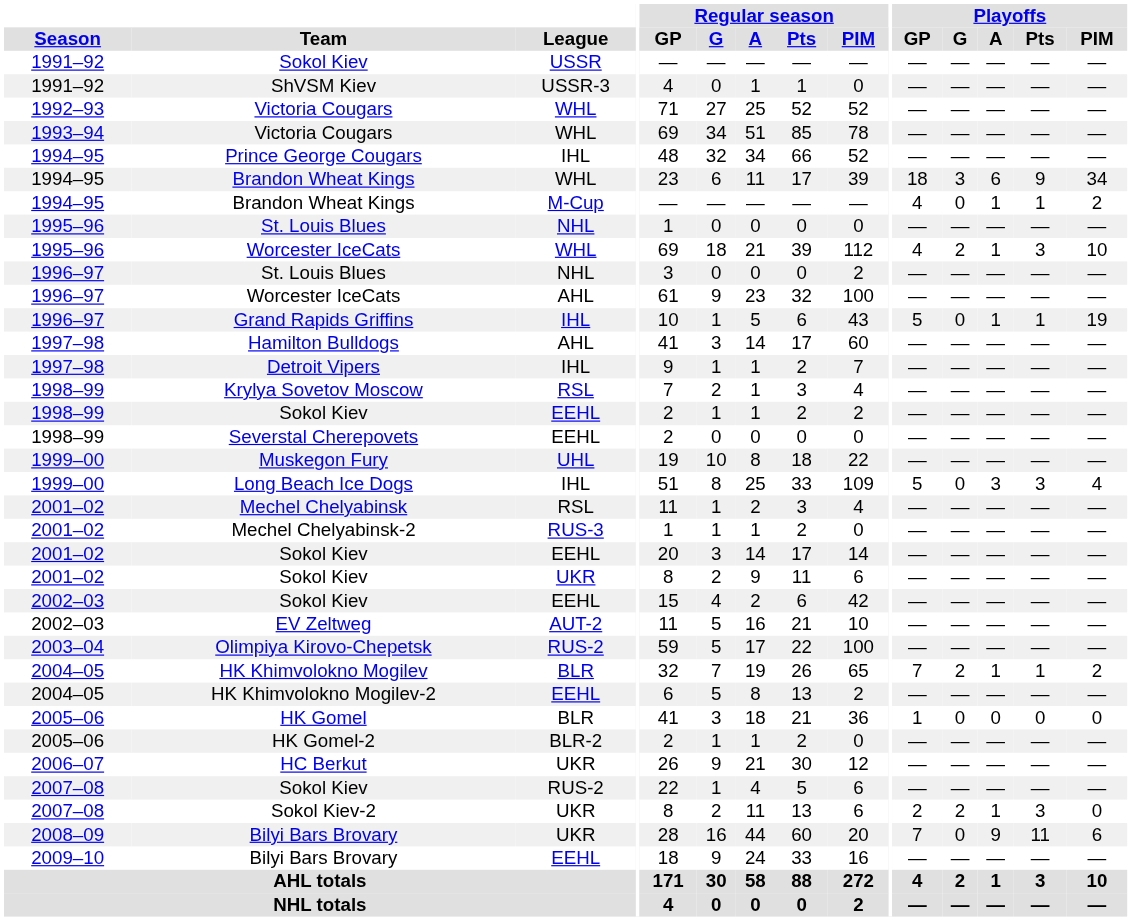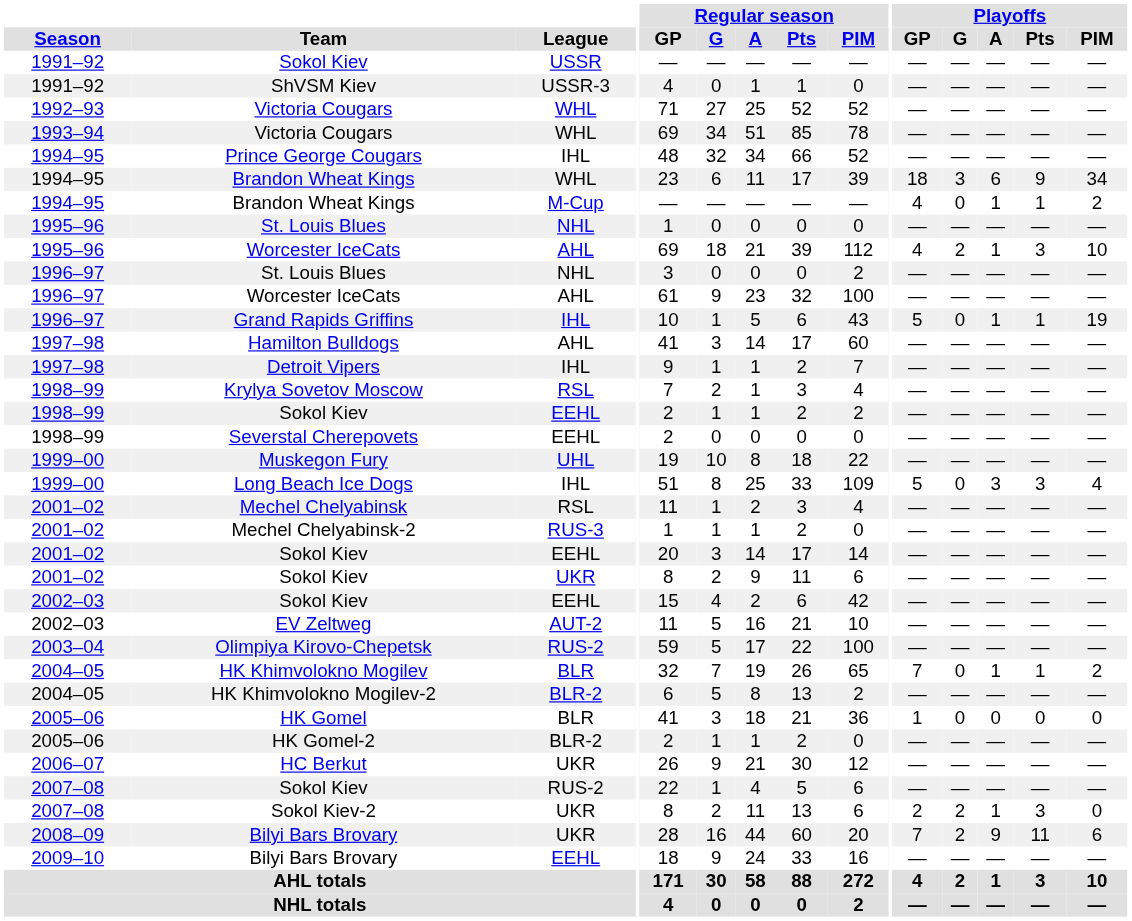 <table border="0" cellpadding="1" cellspacing="0" style="text-align:center; width:60em">
 <tr bgcolor="#e0e0e0">
 <th colspan="3" bgcolor="#ffffff"></th>
 <th rowspan="100" bgcolor="#ffffff"></th>
 <th colspan="5"><a href='#'>Regular season</a></th>
 <th rowspan="100" bgcolor="#ffffff"></th>
 <th colspan="5"><a href='#'>Playoffs</a></th>
 </tr>
 <tr bgcolor="#e0e0e0">
 <th><a href='#'>Season</a></th>
 <th>Team</th>
 <th>League</th>
 <th>GP</th>
 <th><a href='#'>G</a></th>
 <th><a href='#'>A</a></th>
 <th><a href='#'>Pts</a></th>
 <th><a href='#'>PIM</a></th>
 <th>GP</th>
 <th>G</th>
 <th>A</th>
 <th>Pts</th>
 <th>PIM</th>
 </tr>
 <tr>
 <td><a href='#'>1991–92</a></td>
 <td><a href='#'>Sokol Kiev</a></td>
 <td><a href='#'>USSR</a></td>
 <td>—</td>
 <td>—</td>
 <td>—</td>
 <td>—</td>
 <td>—</td>
 <td>—</td>
 <td>—</td>
 <td>—</td>
 <td>—</td>
 <td>—</td>
 </tr>
 <tr bgcolor="#f0f0f0">
 <td>1991–92</td>
 <td>ShVSM Kiev</td>
 <td>USSR-3</td>
 <td>4</td>
 <td>0</td>
 <td>1</td>
 <td>1</td>
 <td>0</td>
 <td>—</td>
 <td>—</td>
 <td>—</td>
 <td>—</td>
 <td>—</td>
 </tr>
 <tr>
 <td><a href='#'>1992–93</a></td>
 <td><a href='#'>Victoria Cougars</a></td>
 <td><a href='#'>WHL</a></td>
 <td>71</td>
 <td>27</td>
 <td>25</td>
 <td>52</td>
 <td>52</td>
 <td>—</td>
 <td>—</td>
 <td>—</td>
 <td>—</td>
 <td>—</td>
 </tr>
 <tr bgcolor="#f0f0f0">
 <td><a href='#'>1993–94</a></td>
 <td>Victoria Cougars</td>
 <td>WHL</td>
 <td>69</td>
 <td>34</td>
 <td>51</td>
 <td>85</td>
 <td>78</td>
 <td>—</td>
 <td>—</td>
 <td>—</td>
 <td>—</td>
 <td>—</td>
 </tr>
 <tr>
 <td><a href='#'>1994–95</a></td>
 <td><a href='#'>Prince George Cougars</a></td>
 <td>IHL</td>
 <td>48</td>
 <td>32</td>
 <td>34</td>
 <td>66</td>
 <td>52</td>
 <td>—</td>
 <td>—</td>
 <td>—</td>
 <td>—</td>
 <td>—</td>
 </tr>
 <tr bgcolor="#f0f0f0">
 <td>1994–95</td>
 <td><a href='#'>Brandon Wheat Kings</a></td>
 <td>WHL</td>
 <td>23</td>
 <td>6</td>
 <td>11</td>
 <td>17</td>
 <td>39</td>
 <td>18</td>
 <td>3</td>
 <td>6</td>
 <td>9</td>
 <td>34</td>
 </tr>
 <tr>
 <td><a href='#'>1994–95</a></td>
 <td>Brandon Wheat Kings</td>
 <td><a href='#'>M-Cup</a></td>
 <td>—</td>
 <td>—</td>
 <td>—</td>
 <td>—</td>
 <td>—</td>
 <td>4</td>
 <td>0</td>
 <td>1</td>
 <td>1</td>
 <td>2</td>
 </tr>
 <tr bgcolor="#f0f0f0">
 <td><a href='#'>1995–96</a></td>
 <td><a href='#'>St. Louis Blues</a></td>
 <td><a href='#'>NHL</a></td>
 <td>1</td>
 <td>0</td>
 <td>0</td>
 <td>0</td>
 <td>0</td>
 <td>—</td>
 <td>—</td>
 <td>—</td>
 <td>—</td>
 <td>—</td>
 </tr>
 <tr>
 <td><a href='#'>1995–96</a></td>
 <td><a href='#'>Worcester IceCats</a></td>
-<td><a href='#'>WHL</a></td>
+<td><a href='#'>AHL</a></td>
 <td>69</td>
 <td>18</td>
 <td>21</td>
 <td>39</td>
 <td>112</td>
 <td>4</td>
 <td>2</td>
 <td>1</td>
 <td>3</td>
 <td>10</td>
 </tr>
 <tr bgcolor="#f0f0f0">
 <td><a href='#'>1996–97</a></td>
 <td>St. Louis Blues</td>
 <td>NHL</td>
 <td>3</td>
 <td>0</td>
 <td>0</td>
 <td>0</td>
 <td>2</td>
 <td>—</td>
 <td>—</td>
 <td>—</td>
 <td>—</td>
 <td>—</td>
 </tr>
 <tr>
 <td><a href='#'>1996–97</a></td>
 <td>Worcester IceCats</td>
 <td>AHL</td>
 <td>61</td>
 <td>9</td>
 <td>23</td>
 <td>32</td>
 <td>100</td>
 <td>—</td>
 <td>—</td>
 <td>—</td>
 <td>—</td>
 <td>—</td>
 </tr>
 <tr bgcolor="#f0f0f0">
 <td><a href='#'>1996–97</a></td>
 <td><a href='#'>Grand Rapids Griffins</a></td>
 <td><a href='#'>IHL</a></td>
 <td>10</td>
 <td>1</td>
 <td>5</td>
 <td>6</td>
 <td>43</td>
 <td>5</td>
 <td>0</td>
 <td>1</td>
 <td>1</td>
 <td>19</td>
 </tr>
 <tr>
 <td><a href='#'>1997–98</a></td>
 <td><a href='#'>Hamilton Bulldogs</a></td>
 <td>AHL</td>
 <td>41</td>
 <td>3</td>
 <td>14</td>
 <td>17</td>
 <td>60</td>
 <td>—</td>
 <td>—</td>
 <td>—</td>
 <td>—</td>
 <td>—</td>
 </tr>
 <tr bgcolor="#f0f0f0">
 <td><a href='#'>1997–98</a></td>
 <td><a href='#'>Detroit Vipers</a></td>
 <td>IHL</td>
 <td>9</td>
 <td>1</td>
 <td>1</td>
 <td>2</td>
 <td>7</td>
 <td>—</td>
 <td>—</td>
 <td>—</td>
 <td>—</td>
 <td>—</td>
 </tr>
 <tr>
 <td><a href='#'>1998–99</a></td>
 <td><a href='#'>Krylya Sovetov Moscow</a></td>
 <td><a href='#'>RSL</a></td>
 <td>7</td>
 <td>2</td>
 <td>1</td>
 <td>3</td>
 <td>4</td>
 <td>—</td>
 <td>—</td>
 <td>—</td>
 <td>—</td>
 <td>—</td>
 </tr>
 <tr bgcolor="#f0f0f0">
 <td><a href='#'>1998–99</a></td>
 <td>Sokol Kiev</td>
 <td><a href='#'>EEHL</a></td>
 <td>2</td>
 <td>1</td>
 <td>1</td>
 <td>2</td>
 <td>2</td>
 <td>—</td>
 <td>—</td>
 <td>—</td>
 <td>—</td>
 <td>—</td>
 </tr>
 <tr>
 <td>1998–99</td>
 <td><a href='#'>Severstal Cherepovets</a></td>
 <td>EEHL</td>
 <td>2</td>
 <td>0</td>
 <td>0</td>
 <td>0</td>
 <td>0</td>
 <td>—</td>
 <td>—</td>
 <td>—</td>
 <td>—</td>
 <td>—</td>
 </tr>
 <tr bgcolor="#f0f0f0">
 <td><a href='#'>1999–00</a></td>
 <td><a href='#'>Muskegon Fury</a></td>
 <td><a href='#'>UHL</a></td>
 <td>19</td>
 <td>10</td>
 <td>8</td>
 <td>18</td>
 <td>22</td>
 <td>—</td>
 <td>—</td>
 <td>—</td>
 <td>—</td>
 <td>—</td>
 </tr>
 <tr>
 <td><a href='#'>1999–00</a></td>
 <td><a href='#'>Long Beach Ice Dogs</a></td>
 <td>IHL</td>
 <td>51</td>
 <td>8</td>
 <td>25</td>
 <td>33</td>
 <td>109</td>
 <td>5</td>
 <td>0</td>
 <td>3</td>
 <td>3</td>
 <td>4</td>
 </tr>
 <tr bgcolor="#f0f0f0">
 <td><a href='#'>2001–02</a></td>
 <td><a href='#'>Mechel Chelyabinsk</a></td>
 <td>RSL</td>
 <td>11</td>
 <td>1</td>
 <td>2</td>
 <td>3</td>
 <td>4</td>
 <td>—</td>
 <td>—</td>
 <td>—</td>
 <td>—</td>
 <td>—</td>
 </tr>
 <tr>
 <td><a href='#'>2001–02</a></td>
 <td>Mechel Chelyabinsk-2</td>
 <td><a href='#'>RUS-3</a></td>
 <td>1</td>
 <td>1</td>
 <td>1</td>
 <td>2</td>
 <td>0</td>
 <td>—</td>
 <td>—</td>
 <td>—</td>
 <td>—</td>
 <td>—</td>
 </tr>
 <tr bgcolor="#f0f0f0">
 <td><a href='#'>2001–02</a></td>
 <td>Sokol Kiev</td>
 <td>EEHL</td>
 <td>20</td>
 <td>3</td>
 <td>14</td>
 <td>17</td>
 <td>14</td>
 <td>—</td>
 <td>—</td>
 <td>—</td>
 <td>—</td>
 <td>—</td>
 </tr>
 <tr>
 <td><a href='#'>2001–02</a></td>
 <td>Sokol Kiev</td>
 <td><a href='#'>UKR</a></td>
 <td>8</td>
 <td>2</td>
 <td>9</td>
 <td>11</td>
 <td>6</td>
 <td>—</td>
 <td>—</td>
 <td>—</td>
 <td>—</td>
 <td>—</td>
 </tr>
 <tr bgcolor="#f0f0f0">
 <td><a href='#'>2002–03</a></td>
 <td>Sokol Kiev</td>
 <td>EEHL</td>
 <td>15</td>
 <td>4</td>
 <td>2</td>
 <td>6</td>
 <td>42</td>
 <td>—</td>
 <td>—</td>
 <td>—</td>
 <td>—</td>
 <td>—</td>
 </tr>
 <tr>
 <td>2002–03</td>
 <td><a href='#'>EV Zeltweg</a></td>
 <td><a href='#'>AUT-2</a></td>
 <td>11</td>
 <td>5</td>
 <td>16</td>
 <td>21</td>
 <td>10</td>
 <td>—</td>
 <td>—</td>
 <td>—</td>
 <td>—</td>
 <td>—</td>
 </tr>
 <tr bgcolor="#f0f0f0">
 <td><a href='#'>2003–04</a></td>
 <td><a href='#'>Olimpiya Kirovo-Chepetsk</a></td>
 <td><a href='#'>RUS-2</a></td>
 <td>59</td>
 <td>5</td>
 <td>17</td>
 <td>22</td>
 <td>100</td>
 <td>—</td>
 <td>—</td>
 <td>—</td>
 <td>—</td>
 <td>—</td>
 </tr>
 <tr>
 <td><a href='#'>2004–05</a></td>
 <td><a href='#'>HK Khimvolokno Mogilev</a></td>
 <td><a href='#'>BLR</a></td>
 <td>32</td>
 <td>7</td>
 <td>19</td>
 <td>26</td>
 <td>65</td>
 <td>7</td>
-<td>2</td>
+<td>0</td>
 <td>1</td>
 <td>1</td>
 <td>2</td>
 </tr>
 <tr bgcolor="#f0f0f0">
 <td>2004–05</td>
 <td>HK Khimvolokno Mogilev-2</td>
-<td><a href='#'>EEHL</a></td>
+<td><a href='#'>BLR-2</a></td>
 <td>6</td>
 <td>5</td>
 <td>8</td>
 <td>13</td>
 <td>2</td>
 <td>—</td>
 <td>—</td>
 <td>—</td>
 <td>—</td>
 <td>—</td>
 </tr>
 <tr>
 <td><a href='#'>2005–06</a></td>
 <td><a href='#'>HK Gomel</a></td>
 <td>BLR</td>
 <td>41</td>
 <td>3</td>
 <td>18</td>
 <td>21</td>
 <td>36</td>
 <td>1</td>
 <td>0</td>
 <td>0</td>
 <td>0</td>
 <td>0</td>
 </tr>
 <tr bgcolor="#f0f0f0">
 <td>2005–06</td>
 <td>HK Gomel-2</td>
 <td>BLR-2</td>
 <td>2</td>
 <td>1</td>
 <td>1</td>
 <td>2</td>
 <td>0</td>
 <td>—</td>
 <td>—</td>
 <td>—</td>
 <td>—</td>
 <td>—</td>
 </tr>
 <tr>
 <td><a href='#'>2006–07</a></td>
 <td><a href='#'>HC Berkut</a></td>
 <td>UKR</td>
 <td>26</td>
 <td>9</td>
 <td>21</td>
 <td>30</td>
 <td>12</td>
 <td>—</td>
 <td>—</td>
 <td>—</td>
 <td>—</td>
 <td>—</td>
 </tr>
 <tr bgcolor="#f0f0f0">
 <td><a href='#'>2007–08</a></td>
 <td>Sokol Kiev</td>
 <td>RUS-2</td>
 <td>22</td>
 <td>1</td>
 <td>4</td>
 <td>5</td>
 <td>6</td>
 <td>—</td>
 <td>—</td>
 <td>—</td>
 <td>—</td>
 <td>—</td>
 </tr>
 <tr>
 <td><a href='#'>2007–08</a></td>
 <td>Sokol Kiev-2</td>
 <td>UKR</td>
 <td>8</td>
 <td>2</td>
 <td>11</td>
 <td>13</td>
 <td>6</td>
 <td>2</td>
 <td>2</td>
 <td>1</td>
 <td>3</td>
 <td>0</td>
 </tr>
 <tr bgcolor="#f0f0f0">
 <td><a href='#'>2008–09</a></td>
 <td><a href='#'>Bilyi Bars Brovary</a></td>
 <td>UKR</td>
 <td>28</td>
 <td>16</td>
 <td>44</td>
 <td>60</td>
 <td>20</td>
 <td>7</td>
-<td>0</td>
+<td>2</td>
 <td>9</td>
 <td>11</td>
 <td>6</td>
 </tr>
 <tr>
 <td><a href='#'>2009–10</a></td>
 <td>Bilyi Bars Brovary</td>
 <td><a href='#'>EEHL</a></td>
 <td>18</td>
 <td>9</td>
 <td>24</td>
 <td>33</td>
 <td>16</td>
 <td>—</td>
 <td>—</td>
 <td>—</td>
 <td>—</td>
 <td>—</td>
 </tr>
 <tr bgcolor="#e0e0e0">
 <th colspan="3">AHL totals</th>
 <th>171</th>
 <th>30</th>
 <th>58</th>
 <th>88</th>
 <th>272</th>
 <th>4</th>
 <th>2</th>
 <th>1</th>
 <th>3</th>
 <th>10</th>
 </tr>
 <tr bgcolor="#e0e0e0">
 <th colspan="3">NHL totals</th>
 <th>4</th>
 <th>0</th>
 <th>0</th>
 <th>0</th>
 <th>2</th>
 <th>—</th>
 <th>—</th>
 <th>—</th>
 <th>—</th>
 <th>—</th>
 </tr>
 </table>
